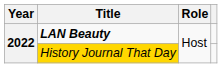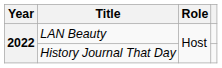 <table class="wikitable plainrowheaders sortable">
 <tr>
 <th scope="col">Year</th>
 <th scope="col">Title</th>
 <th scope="col">Role</th>
 <th scope="col" class="unsortable"></th>
 </tr>
 <tr>
 <th scope="row" rowspan="2">2022</th>
-<td><strong><em>LAN Beauty</em></strong></td>
+<td><em>LAN Beauty</em></td>
 <td rowspan="2">Host</td>
 <td style="text-align:center"></td>
 </tr>
 <tr>
-<td style="background: gold;"><em>History Journal That Day</em></td>
+<td><em>History Journal That Day</em></td>
 <td style="text-align:center"></td>
 </tr>
 </table>
